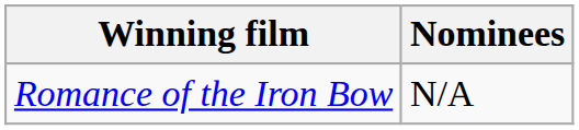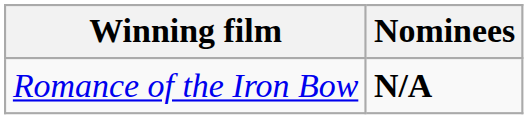 <table class="wikitable">
 <tr>
 <th>Winning film</th>
 <th>Nominees</th>
 </tr>
 <tr>
 <td><em><a href='#'>Romance of the Iron Bow</a></em></td>
-<td>N/A</td>
+<td><strong>N/A</strong></td>
 </tr>
 </table>
